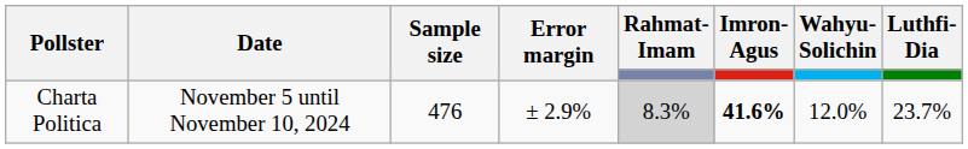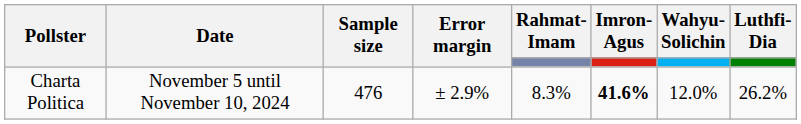 <table class="wikitable sortable mw-datatable" style="text-align:center;font-size:90%;line-height:17px">
 <tr>
 <th rowspan="2">Pollster</th>
 <th rowspan="2">Date</th>
 <th rowspan="2">Sample size</th>
 <th rowspan="2">Error margin</th>
 <th class="unsortable">Rahmat-Imam</th>
 <th class="unsortable">Imron-Agus</th>
 <th class="unsortable">Wahyu-Solichin</th>
 <th class="unsortable">Luthfi-Dia</th>
 </tr>
 <tr>
 <th class="unsortable" style="background:#7583A9; width:40px;"></th>
 <th class="unsortable" style="background:#DB2016; width:40px;"></th>
 <th class="unsortable" style="background:#00B0F0; width:40px;"></th>
 <th class="unsortable" style="background:#008000; width:40px;"></th>
 </tr>
 <tr>
 <td>Charta Politica</td>
 <td>November 5 until November 10, 2024</td>
 <td>476</td>
 <td>± 2.9%</td>
-<td style="background: lightgrey;">8.3%</td>
+<td>8.3%</td>
 <td style="background-color:#"><strong>41.6%</strong></td>
 <td>12.0%</td>
-<td>23.7%</td>
+<td>26.2%</td>
 </tr>
 </table>
